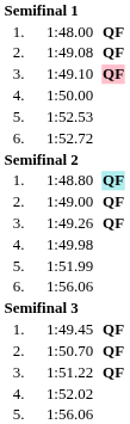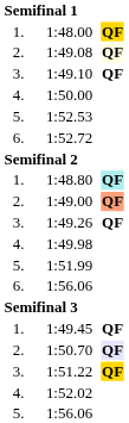 <table style="text-align:center">
 <tr>
 <td colspan=4 align=left><strong>Semifinal 1</strong></td>
 </tr>
 <tr>
 <td width=30>1.</td>
 <td align=left></td>
 <td width=60>1:48.00</td>
-<td><strong>QF</strong></td>
+<td style="background: gold;"><strong>QF</strong></td>
 </tr>
 <tr>
 <td>2.</td>
 <td align=left></td>
 <td>1:49.08</td>
-<td><strong>QF</strong></td>
+<td style="background: lightyellow;"><strong>QF</strong></td>
 </tr>
 <tr>
 <td>3.</td>
 <td align=left></td>
 <td>1:49.10</td>
-<td style="background: pink;"><strong>QF</strong></td>
+<td><strong>QF</strong></td>
 </tr>
 <tr>
 <td>4.</td>
 <td align=left></td>
 <td>1:50.00</td>
 <td></td>
 </tr>
 <tr>
 <td>5.</td>
 <td align=left></td>
 <td>1:52.53</td>
 <td></td>
 </tr>
 <tr>
 <td>6.</td>
 <td align=left></td>
 <td>1:52.72</td>
 <td></td>
 </tr>
 <tr>
 <td colspan=4 align=left><strong>Semifinal 2</strong></td>
 </tr>
 <tr>
 <td width=30>1.</td>
 <td align=left></td>
 <td width=60>1:48.80</td>
 <td style="background: paleturquoise;"><strong>QF</strong></td>
 </tr>
 <tr>
 <td>2.</td>
 <td align=left></td>
 <td>1:49.00</td>
-<td><strong>QF</strong></td>
+<td style="background: lightsalmon;"><strong>QF</strong></td>
 </tr>
 <tr>
 <td>3.</td>
 <td align=left></td>
 <td>1:49.26</td>
 <td><strong>QF</strong></td>
 </tr>
 <tr>
 <td>4.</td>
 <td align=left></td>
 <td>1:49.98</td>
 <td></td>
 </tr>
 <tr>
 <td>5.</td>
 <td align=left></td>
 <td>1:51.99</td>
 <td></td>
 </tr>
 <tr>
 <td>6.</td>
 <td align=left></td>
 <td>1:56.06</td>
 <td></td>
 </tr>
 <tr>
 <td colspan=4 align=left><strong>Semifinal 3</strong></td>
 </tr>
 <tr>
 <td width=30>1.</td>
 <td align=left></td>
 <td width=60>1:49.45</td>
 <td><strong>QF</strong></td>
 </tr>
 <tr>
 <td>2.</td>
 <td align=left></td>
 <td>1:50.70</td>
-<td><strong>QF</strong></td>
+<td style="background: lavender;"><strong>QF</strong></td>
 </tr>
 <tr>
 <td>3.</td>
 <td align=left></td>
 <td>1:51.22</td>
-<td><strong>QF</strong></td>
+<td style="background: gold;"><strong>QF</strong></td>
 </tr>
 <tr>
 <td>4.</td>
 <td align=left></td>
 <td>1:52.02</td>
 <td></td>
 </tr>
 <tr>
 <td>5.</td>
 <td align=left></td>
 <td>1:56.06</td>
 <td></td>
 </tr>
 </table>
